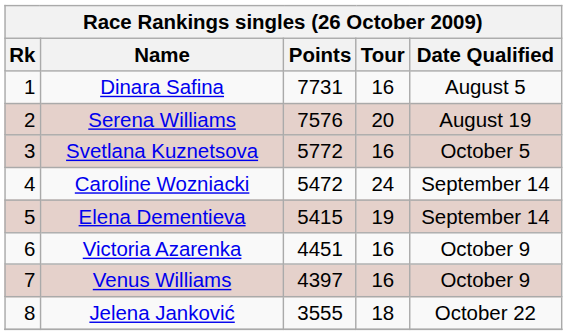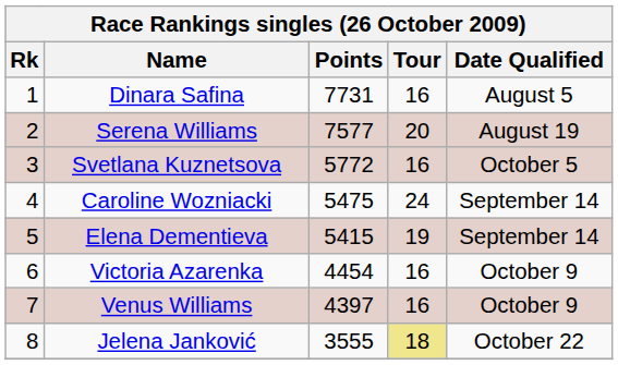 <table class="wikitable"; align="right" style="float:right; text-align:center; font-size:90%; text:justify; margin-left:10px; margin-bottom:10px">
 <tr>
 <th colspan="5">Race Rankings singles (26 October 2009)</th>
 </tr>
 <tr>
 <th>Rk</th>
 <th width="165">Name</th>
 <th>Points</th>
 <th width="20">Tour</th>
 <th width="100">Date Qualified</th>
 </tr>
 <tr>
 <td align="right">1</td>
 <td> <a href='#'>Dinara Safina</a></td>
 <td>7731</td>
 <td align="center">16</td>
 <td align="center">August 5 </td>
 </tr>
 <tr bgcolor="#e5d1cb">
 <td align="right">2</td>
 <td> <a href='#'>Serena Williams</a></td>
-<td>7576</td>
+<td>7577</td>
 <td align="center">20</td>
 <td align="center">August 19 </td>
 </tr>
 <tr bgcolor="#e5d1cb">
 <td align="right">3</td>
 <td> <a href='#'>Svetlana Kuznetsova</a></td>
 <td>5772</td>
 <td align="center">16</td>
 <td align="center">October 5 </td>
 </tr>
 <tr>
 <td align="right">4</td>
 <td> <a href='#'>Caroline Wozniacki</a></td>
-<td>5472</td>
+<td>5475</td>
 <td align="center">24</td>
 <td align="center">September 14 </td>
 </tr>
 <tr bgcolor="#e5d1cb">
 <td align="right">5</td>
 <td> <a href='#'>Elena Dementieva</a></td>
 <td>5415</td>
 <td align="center">19</td>
 <td align="center">September 14 </td>
 </tr>
 <tr>
 <td align="right">6</td>
 <td> <a href='#'>Victoria Azarenka</a></td>
-<td>4451</td>
+<td>4454</td>
 <td align="center">16</td>
 <td align="center">October 9</td>
 </tr>
 <tr bgcolor="#e5d1cb">
 <td align="right">7</td>
 <td> <a href='#'>Venus Williams</a></td>
 <td>4397</td>
 <td align="center">16</td>
 <td align="center">October 9 </td>
 </tr>
 <tr>
 <td align="right">8</td>
 <td> <a href='#'>Jelena Janković</a></td>
 <td>3555</td>
-<td align="center">18</td>
+<td align="center" style="background: khaki;">18</td>
 <td align="center">October 22</td>
 </tr>
 <tr>
 </tr>
 </table>
